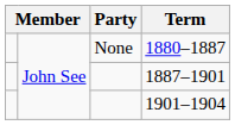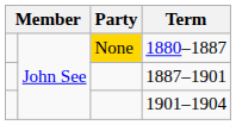 <table class="wikitable">
 <tr>
 <th colspan="2">Member</th>
 <th>Party</th>
 <th>Term</th>
 </tr>
 <tr>
 <td> </td>
 <td rowspan="3"><a href='#'>John See</a></td>
-<td>None</td>
+<td style="background: gold;">None</td>
 <td><a href='#'>1880</a>–1887</td>
 </tr>
 <tr>
 <td> </td>
 <td></td>
 <td>1887–1901</td>
 </tr>
 <tr>
 <td> </td>
 <td></td>
 <td>1901–1904</td>
 </tr>
 </table>
